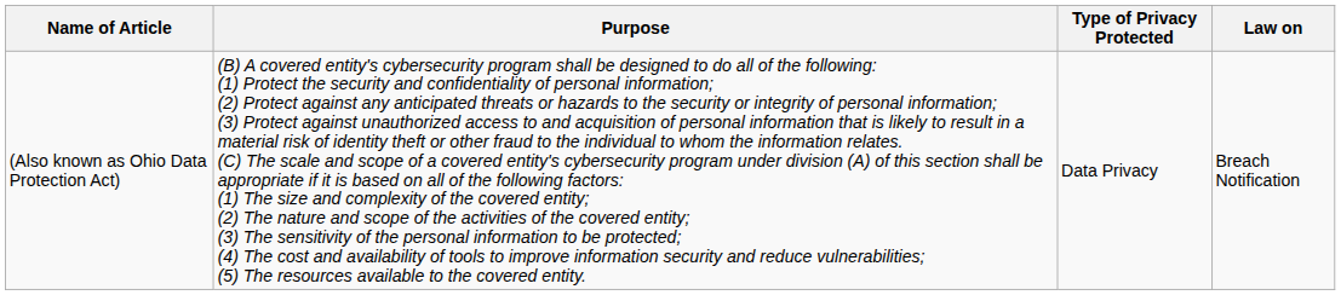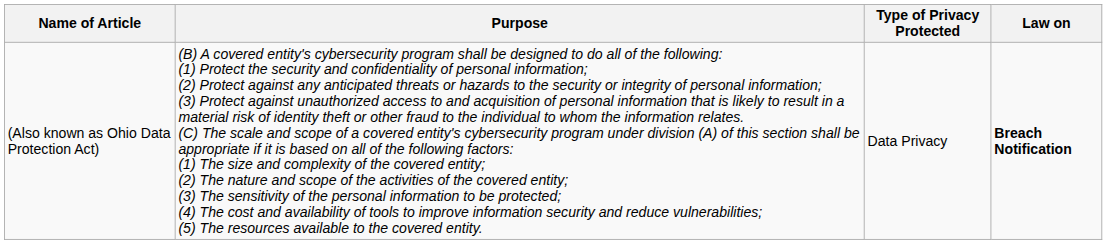 <table class="wikitable">
 <tr>
 <th>Name of Article</th>
 <th>Purpose</th>
 <th>Type of Privacy Protected</th>
 <th>Law on</th>
 </tr>
 <tr>
 <td> (Also known as Ohio Data Protection Act)</td>
 <td><em>(B) A covered entity's cybersecurity program shall be designed to do all of the following:</em><br><em>(1) Protect the security and confidentiality of personal information;</em><br><em>(2) Protect against any anticipated threats or hazards to the security or integrity of personal information;</em><br><em>(3) Protect against unauthorized access to and acquisition of personal information that is likely to result in a material risk of identity theft or other fraud to the individual to whom the information relates.</em><br><em>(C) The scale and scope of a covered entity's cybersecurity program under division (A) of this section shall be appropriate if it is based on all of the following factors:</em><br><em>(1) The size and complexity of the covered entity;</em><br><em>(2) The nature and scope of the activities of the covered entity;</em><br><em>(3) The sensitivity of the personal information to be protected;</em><br><em>(4) The cost and availability of tools to improve information security and reduce vulnerabilities;</em><br><em>(5) The resources available to the covered entity.</em></td>
 <td>Data Privacy</td>
-<td>Breach Notification</td>
+<td><strong>Breach Notification</strong></td>
 </tr>
 </table>
